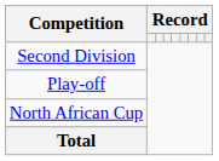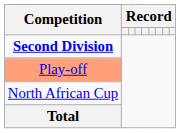 <table class="wikitable" style="text-align: center">
 <tr>
 <th rowspan=2>Competition</th>
 <th colspan=8>Record</th>
 </tr>
 <tr>
 <th></th>
 <th></th>
 <th></th>
 <th></th>
 <th></th>
 <th></th>
 <th></th>
 <th></th>
 </tr>
 <tr>
-<td><a href='#'>Second Division</a><br></td>
+<td><strong><a href='#'>Second Division</a><br></strong></td>
 </tr>
 <tr>
-<td><a href='#'>Play-off</a><br></td>
+<td style="background: lightsalmon;"><a href='#'>Play-off</a><br></td>
 </tr>
 <tr>
 <td><a href='#'>North African Cup</a><br></td>
 </tr>
 <tr>
 <th>Total<br></th>
 </tr>
 </table>
